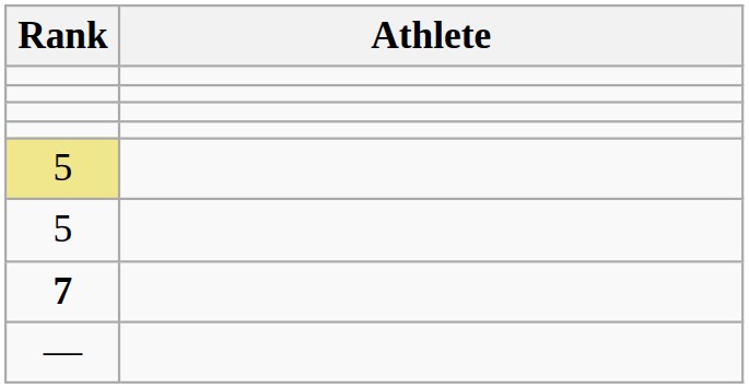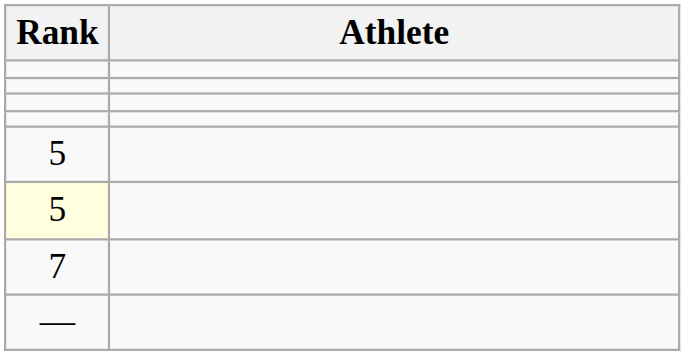 <table class="wikitable" style="text-align: center;">
 <tr>
 <th width=40>Rank</th>
 <th width=250>Athlete</th>
 </tr>
 <tr>
 <td></td>
 <td align=left></td>
 </tr>
 <tr>
 <td></td>
 <td align=left></td>
 </tr>
 <tr>
 <td></td>
 <td align=left></td>
 </tr>
 <tr>
 <td></td>
 <td align=left></td>
 </tr>
 <tr>
-<td style="background: khaki;">5</td>
-<td align=left></td>
-</tr>
-<tr>
 <td>5</td>
 <td align=left></td>
 </tr>
 <tr>
-<td><strong>7</strong></td>
+<td style="background: lightyellow;">5</td>
+<td align=left></td>
+</tr>
+<tr>
+<td>7</td>
 <td align=left></td>
 </tr>
 <tr>
 <td>—</td>
 <td align=left></td>
 </tr>
 </table>
